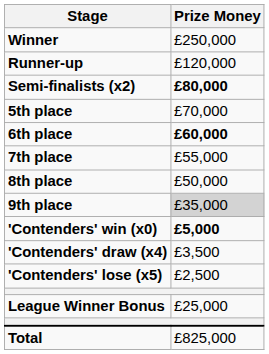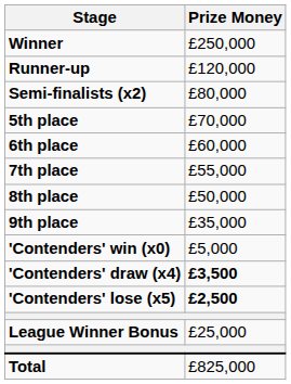 <table class="wikitable">
 <tr>
 <th>Stage</th>
 <th>Prize Money</th>
 </tr>
 <tr>
 <td><strong>Winner</strong></td>
 <td>£250,000</td>
 </tr>
 <tr>
 <td><strong>Runner-up</strong></td>
 <td>£120,000</td>
 </tr>
 <tr>
 <td><strong>Semi-finalists (x2)</strong></td>
-<td><strong>£80,000</strong></td>
+<td>£80,000</td>
 </tr>
 <tr>
 <td><strong>5th place</strong></td>
 <td>£70,000</td>
 </tr>
 <tr>
 <td><strong>6th place</strong></td>
-<td><strong>£60,000</strong></td>
+<td>£60,000</td>
 </tr>
 <tr>
 <td><strong>7th place</strong></td>
 <td>£55,000</td>
 </tr>
 <tr>
 <td><strong>8th place</strong></td>
 <td>£50,000</td>
 </tr>
 <tr>
 <td><strong>9th place</strong></td>
-<td style="background: lightgrey;">£35,000</td>
+<td>£35,000</td>
 </tr>
 <tr>
 <td><strong>'Contenders' win (x0)</strong></td>
-<td><strong>£5,000</strong></td>
+<td>£5,000</td>
 </tr>
 <tr>
 <td><strong>'Contenders' draw (x4)</strong></td>
-<td>£3,500</td>
+<td><strong>£3,500</strong></td>
 </tr>
 <tr>
 <td><strong>'Contenders' lose (x5)</strong></td>
-<td>£2,500</td>
+<td><strong>£2,500</strong></td>
 </tr>
 <tr>
 <th colspan=3></th>
 </tr>
 <tr>
 <td><strong>League Winner Bonus</strong></td>
 <td>£25,000</td>
 </tr>
 <tr>
 <th colspan=3></th>
 </tr>
 <tr style="border-top:2px solid black;">
 <td><strong>Total</strong></td>
 <td>£825,000</td>
 </tr>
 </table>
